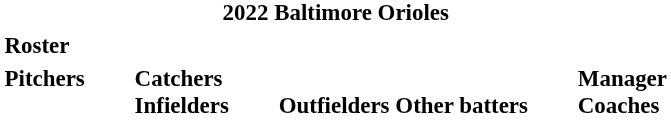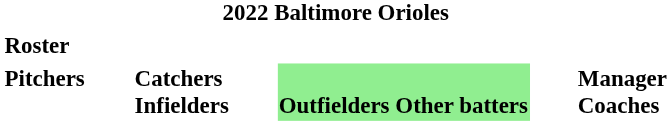 <table class="toccolours" style="font-size: 95%;">
 <tr>
 <th colspan="10">2022 Baltimore Orioles</th>
 </tr>
 <tr>
 <td colspan="10"><strong>Roster</strong></td>
 </tr>
 <tr>
 <td valign="top"><strong>Pitchers</strong><br>                                </td>
 <td style="width:25px;"></td>
 <td valign="top"><strong>Catchers</strong><br>   <strong>Infielders</strong>              </td>
 <td style="width:25px;"></td>
-<td valign="top"><br><strong>Outfielders</strong>        <strong>Other batters</strong> </td>
+<td valign="top" style="background: lightgreen;"><br><strong>Outfielders</strong>        <strong>Other batters</strong> </td>
 <td style="width:25px;"></td>
 <td valign="top"><strong>Manager</strong><br> <strong>Coaches</strong>                      </td>
 </tr>
 </table>
